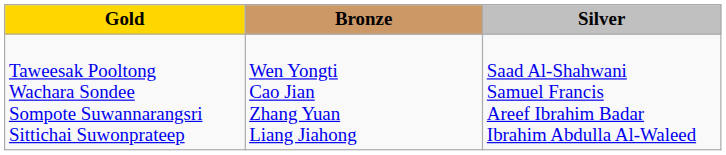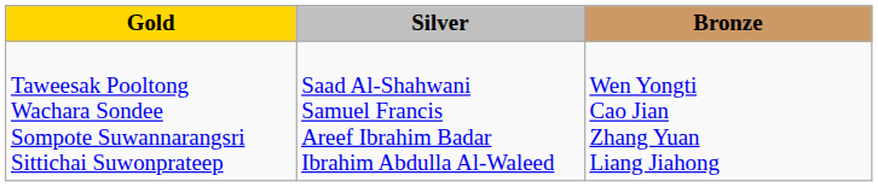 <table class="wikitable" style="text-align:left">
 <tr align="center">
 <td width=200 bgcolor=gold><strong>Gold</strong></td>
+<td width=200 bgcolor=silver><strong>Silver</strong></td>
 <td width=200 bgcolor=CC9966><strong>Bronze</strong></td>
-<td width=200 bgcolor=silver><strong>Silver</strong></td>
 </tr>
 <tr>
 <td valign=top><em></em><br><a href='#'>Taweesak Pooltong</a><br><a href='#'>Wachara Sondee</a><br><a href='#'>Sompote Suwannarangsri</a><br><a href='#'>Sittichai Suwonprateep</a></td>
+<td valign=top><em></em><br><a href='#'>Saad Al-Shahwani</a><br><a href='#'>Samuel Francis</a><br><a href='#'>Areef Ibrahim Badar</a><br><a href='#'>Ibrahim Abdulla Al-Waleed</a></td>
 <td valign=top><em></em><br><a href='#'>Wen Yongti</a><br><a href='#'>Cao Jian</a><br><a href='#'>Zhang Yuan</a><br><a href='#'>Liang Jiahong</a></td>
-<td valign=top><em></em><br><a href='#'>Saad Al-Shahwani</a><br><a href='#'>Samuel Francis</a><br><a href='#'>Areef Ibrahim Badar</a><br><a href='#'>Ibrahim Abdulla Al-Waleed</a></td>
 </tr>
 </table>
